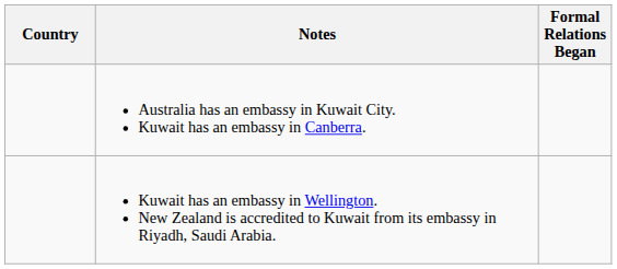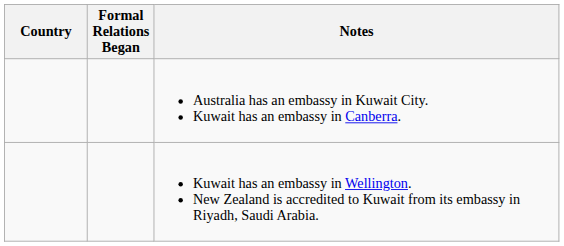 <table class="wikitable sortable" style="width:100%; margin:auto;">
 <tr>
 <th style="width:15%;">Country</th>
+<th style="width:12%;">Formal Relations Began</th>
 <th>Notes</th>
-<th style="width:12%;">Formal Relations Began</th>
 </tr>
 <tr valign="top">
 <td></td>
+<td></td>
 <td><br><ul><li>Australia has an embassy in Kuwait City.</li><li>Kuwait has an embassy in <a href='#'>Canberra</a>.</li></ul></td>
-<td></td>
 </tr>
 <tr valign="top">
 <td></td>
+<td></td>
 <td><br><ul><li>Kuwait has an embassy in <a href='#'>Wellington</a>.</li><li>New Zealand is accredited to Kuwait from its embassy in Riyadh, Saudi Arabia.</li></ul></td>
-<td></td>
 </tr>
 </table>
